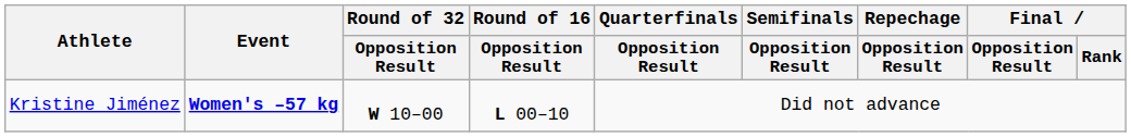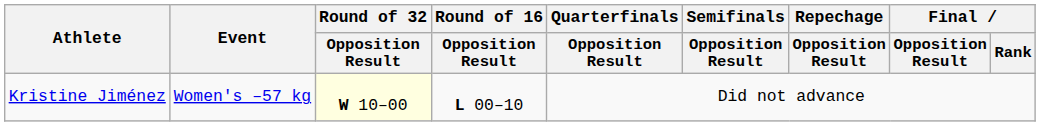 <table class="wikitable" style="font-size:90%">
 <tr>
 <th rowspan="2">Athlete</th>
 <th rowspan="2">Event</th>
 <th>Round of 32</th>
 <th>Round of 16</th>
 <th>Quarterfinals</th>
 <th>Semifinals</th>
 <th>Repechage</th>
 <th colspan=2>Final / </th>
 </tr>
 <tr style="font-size:95%">
 <th>Opposition<br>Result</th>
 <th>Opposition<br>Result</th>
 <th>Opposition<br>Result</th>
 <th>Opposition<br>Result</th>
 <th>Opposition<br>Result</th>
 <th>Opposition<br>Result</th>
 <th>Rank</th>
 </tr>
 <tr align=center>
 <td align=left><a href='#'>Kristine Jiménez</a></td>
-<td align=left><strong><a href='#'>Women's –57 kg</a></strong></td>
-<td><br><strong>W</strong> 10–00</td>
+<td align=left><a href='#'>Women's –57 kg</a></td>
+<td style="background: lightyellow;"><br><strong>W</strong> 10–00</td>
 <td><br><strong>L</strong> 00–10</td>
 <td colspan="5">Did not advance</td>
 </tr>
 </table>
